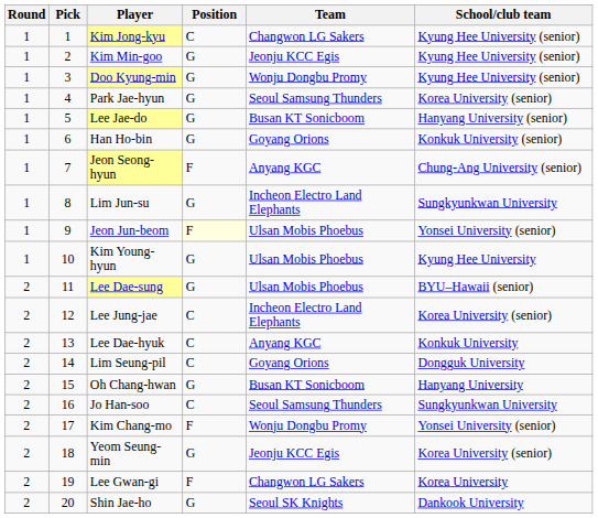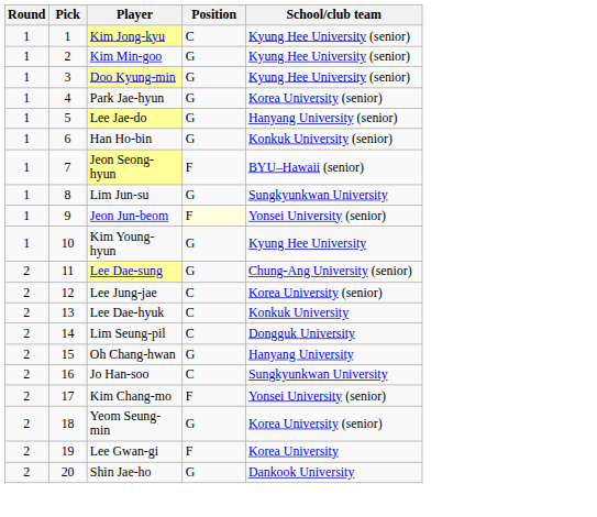 <table class="wikitable sortable sortable">
 <tr>
 <th scope="col" width=40>Round</th>
 <th scope="col" width=40>Pick</th>
 <th scope="col" width=110>Player</th>
 <th scope="col" width=70>Position</th>
-<th scope="col" width=200>Team</th>
 <th scope="col" width=210>School/club team</th>
 </tr>
 <tr>
 <td align=center>1</td>
 <td align=center>1</td>
 <td style="background-color:#FFFF99;"><a href='#'>Kim Jong-kyu</a></td>
 <td>C</td>
-<td><a href='#'>Changwon LG Sakers</a></td>
 <td><a href='#'>Kyung Hee University</a> (senior)</td>
 </tr>
 <tr>
 <td align=center>1</td>
 <td align=center>2</td>
 <td><a href='#'>Kim Min-goo</a></td>
 <td>G</td>
-<td><a href='#'>Jeonju KCC Egis</a></td>
 <td><a href='#'>Kyung Hee University</a> (senior)</td>
 </tr>
 <tr>
 <td align=center>1</td>
 <td align=center>3</td>
 <td style="background-color:#FFFF99;"><a href='#'>Doo Kyung-min</a></td>
 <td>G</td>
-<td><a href='#'>Wonju Dongbu Promy</a></td>
 <td><a href='#'>Kyung Hee University</a> (senior)</td>
 </tr>
 <tr>
 <td align=center>1</td>
 <td align=center>4</td>
 <td>Park Jae-hyun</td>
 <td>G</td>
-<td><a href='#'>Seoul Samsung Thunders</a></td>
 <td><a href='#'>Korea University</a> (senior)</td>
 </tr>
 <tr>
 <td align=center>1</td>
 <td align=center>5</td>
 <td style="background-color:#FFFF99;">Lee Jae-do</td>
 <td>G</td>
-<td><a href='#'>Busan KT Sonicboom</a></td>
 <td><a href='#'>Hanyang University</a> (senior)</td>
 </tr>
 <tr>
 <td align=center>1</td>
 <td align=center>6</td>
 <td>Han Ho-bin</td>
 <td>G</td>
-<td><a href='#'>Goyang Orions</a></td>
 <td><a href='#'>Konkuk University</a> (senior)</td>
 </tr>
 <tr>
 <td align=center>1</td>
 <td align=center>7</td>
 <td style="background-color:#FFFF99;">Jeon Seong-hyun</td>
 <td>F</td>
-<td><a href='#'>Anyang KGC</a></td>
-<td><a href='#'>Chung-Ang University</a> (senior)</td>
+<td> <a href='#'>BYU–Hawaii</a> (senior)</td>
 </tr>
 <tr>
 <td align=center>1</td>
 <td align=center>8</td>
 <td>Lim Jun-su</td>
 <td>G</td>
-<td><a href='#'>Incheon Electro Land Elephants</a></td>
 <td><a href='#'>Sungkyunkwan University</a></td>
 </tr>
 <tr>
 <td align=center>1</td>
 <td align=center>9</td>
 <td><a href='#'>Jeon Jun-beom</a></td>
 <td style="background: lightyellow;">F</td>
-<td><a href='#'>Ulsan Mobis Phoebus</a></td>
 <td><a href='#'>Yonsei University</a> (senior)</td>
 </tr>
 <tr>
 <td align=center>1</td>
 <td align=center>10</td>
 <td>Kim Young-hyun</td>
 <td>G</td>
-<td><a href='#'>Ulsan Mobis Phoebus</a></td>
 <td><a href='#'>Kyung Hee University</a></td>
 </tr>
 <tr>
 <td align=center>2</td>
 <td align=center>11</td>
 <td style="background-color:#FFFF99;"><a href='#'>Lee Dae-sung</a></td>
 <td>G</td>
-<td><a href='#'>Ulsan Mobis Phoebus</a></td>
-<td> <a href='#'>BYU–Hawaii</a> (senior)</td>
+<td><a href='#'>Chung-Ang University</a> (senior)</td>
 </tr>
 <tr>
 <td align=center>2</td>
 <td align=center>12</td>
 <td>Lee Jung-jae</td>
 <td>C</td>
-<td><a href='#'>Incheon Electro Land Elephants</a></td>
 <td><a href='#'>Korea University</a> (senior)</td>
 </tr>
 <tr>
 <td align=center>2</td>
 <td align=center>13</td>
 <td>Lee Dae-hyuk</td>
 <td>C</td>
-<td><a href='#'>Anyang KGC</a></td>
 <td><a href='#'>Konkuk University</a></td>
 </tr>
 <tr>
 <td align=center>2</td>
 <td align=center>14</td>
 <td>Lim Seung-pil</td>
 <td>C</td>
-<td><a href='#'>Goyang Orions</a></td>
 <td><a href='#'>Dongguk University</a></td>
 </tr>
 <tr>
 <td align=center>2</td>
 <td align=center>15</td>
 <td>Oh Chang-hwan</td>
 <td>G</td>
-<td><a href='#'>Busan KT Sonicboom</a></td>
 <td><a href='#'>Hanyang University</a></td>
 </tr>
 <tr>
 <td align=center>2</td>
 <td align=center>16</td>
 <td>Jo Han-soo</td>
 <td>C</td>
-<td><a href='#'>Seoul Samsung Thunders</a></td>
 <td><a href='#'>Sungkyunkwan University</a></td>
 </tr>
 <tr>
 <td align=center>2</td>
 <td align=center>17</td>
 <td>Kim Chang-mo</td>
 <td>F</td>
-<td><a href='#'>Wonju Dongbu Promy</a></td>
 <td><a href='#'>Yonsei University</a> (senior)</td>
 </tr>
 <tr>
 <td align=center>2</td>
 <td align=center>18</td>
 <td>Yeom Seung-min</td>
 <td>G</td>
-<td><a href='#'>Jeonju KCC Egis</a></td>
 <td><a href='#'>Korea University</a> (senior)</td>
 </tr>
 <tr>
 <td align=center>2</td>
 <td align=center>19</td>
 <td>Lee Gwan-gi</td>
 <td>F</td>
-<td><a href='#'>Changwon LG Sakers</a></td>
 <td><a href='#'>Korea University</a></td>
 </tr>
 <tr>
 <td align=center>2</td>
 <td align=center>20</td>
 <td>Shin Jae-ho</td>
 <td>G</td>
-<td><a href='#'>Seoul SK Knights</a></td>
 <td><a href='#'>Dankook University</a></td>
 </tr>
 </table>
